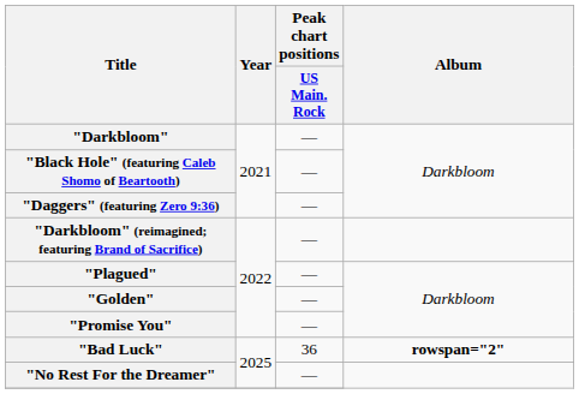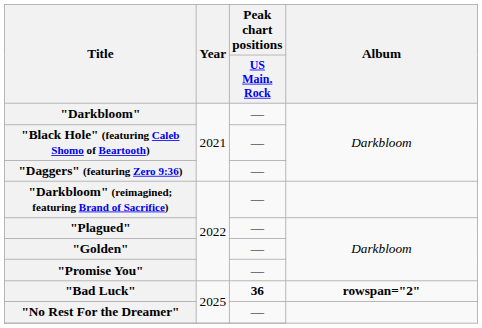 <table class="wikitable plainrowheaders" style="text-align:center;">
 <tr>
 <th scope="col" style="width:14em;" rowspan="2">Title</th>
 <th scope="col" rowspan="2">Year</th>
 <th scope="col" colspan="1">Peak chart positions</th>
 <th scope="col" style="width:14em;" rowspan="2">Album</th>
 </tr>
 <tr>
 <th scope="col" style="width:3em;font-size:90%;"><a href='#'>US<br>Main.<br>Rock</a><br></th>
 </tr>
 <tr>
 <th scope="row">"Darkbloom"</th>
 <td rowspan="3">2021</td>
 <td>—</td>
 <td rowspan="3"><em>Darkbloom</em></td>
 </tr>
 <tr>
 <th scope="row">"Black Hole" <small>(featuring <a href='#'>Caleb Shomo</a> of <a href='#'>Beartooth</a>)</small></th>
 <td>—</td>
 </tr>
 <tr>
 <th scope="row">"Daggers" <small>(featuring <a href='#'>Zero 9:36</a>)</small></th>
 <td>—</td>
 </tr>
 <tr>
 <th scope="row">"Darkbloom" <small>(reimagined; featuring <a href='#'>Brand of Sacrifice</a>)</small></th>
 <td rowspan="4">2022</td>
 <td>—</td>
 <td></td>
 </tr>
 <tr>
 <th scope="row">"Plagued"</th>
 <td>—</td>
 <td rowspan="3"><em>Darkbloom</em></td>
 </tr>
 <tr>
 <th scope="row">"Golden"</th>
 <td>—</td>
 </tr>
 <tr>
 <th scope="row">"Promise You"</th>
 <td>—</td>
 </tr>
 <tr>
 <th scope="row">"Bad Luck"</th>
 <td rowspan="2">2025</td>
-<td>36</td>
+<td><strong>36</strong></td>
 <td><strong>rowspan="2" </strong></td>
 </tr>
 <tr>
 <th scope="row">"No Rest For the Dreamer"</th>
 <td>—</td>
 </tr>
 <tr>
 </tr>
 </table>
